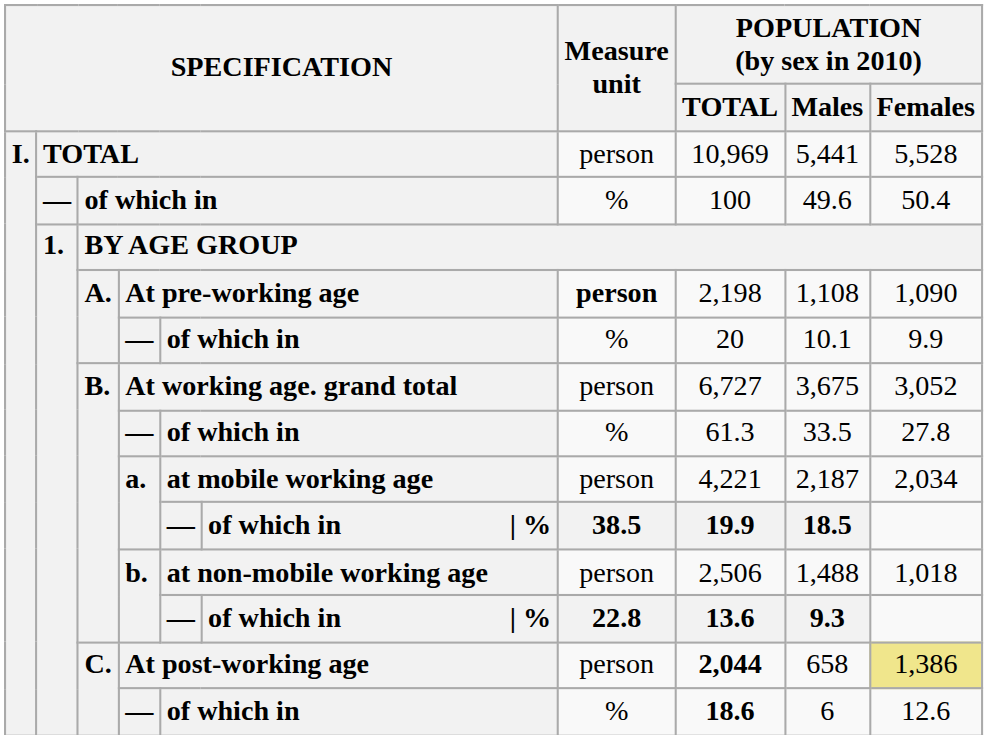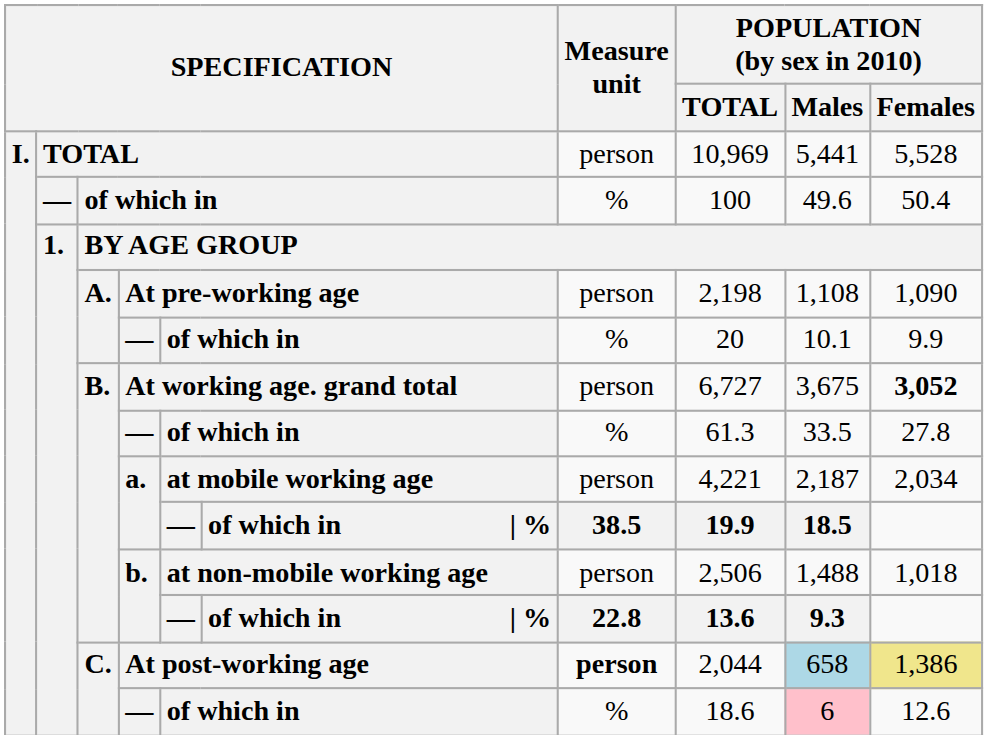 <table class="wikitable" style="font-size:85%; text-align:center">
 <tr>
 <th rowspan="2" colspan="6">SPECIFICATION</th>
 <th rowspan="2">Measure<br> unit</th>
 <th colspan="3" rowspan="1">POPULATION<br> (by sex in 2010)</th>
 </tr>
 <tr>
 <th>TOTAL</th>
 <th>Males</th>
 <th>Females</th>
 </tr>
 <tr>
 <th style="text-align:left" valign="top" rowspan="13">I.</th>
 <th style="text-align:left" colspan="5">TOTAL</th>
 <td>person</td>
 <td>10,969</td>
 <td>5,441</td>
 <td>5,528</td>
 </tr>
 <tr>
 <th style="text-align:left" valign="top">—</th>
 <th style="text-align:left" colspan="4">of which in</th>
 <td>%</td>
 <td>100</td>
 <td>49.6</td>
 <td>50.4</td>
 </tr>
 <tr>
 <th style="text-align:left" valign="top" rowspan="11">1.</th>
 <th style="text-align:left" colspan="19">BY AGE GROUP</th>
 </tr>
 <tr>
 <th style="text-align:left" valign="top" rowspan="2">A.</th>
 <th style="text-align:left" colspan="3">At pre-working age</th>
-<td><strong>person</strong></td>
+<td>person</td>
 <td>2,198</td>
 <td>1,108</td>
 <td>1,090</td>
 </tr>
 <tr>
 <th style="text-align:left" valign="top">—</th>
 <th style="text-align:left" valign="top" colspan="2">of which in</th>
 <td>%</td>
 <td>20</td>
 <td>10.1</td>
 <td>9.9</td>
 </tr>
 <tr>
 <th style="text-align:left" valign="top" rowspan="6">B.</th>
 <th style="text-align:left" colspan="3">At working age. grand total</th>
 <td>person</td>
 <td>6,727</td>
 <td>3,675</td>
-<td>3,052</td>
+<td><strong>3,052</strong></td>
 </tr>
 <tr>
 <th style="text-align:left" valign="top">—</th>
 <th style="text-align:left" valign="top" colspan="2">of which in</th>
 <td>%</td>
 <td>61.3</td>
 <td>33.5</td>
 <td>27.8</td>
 </tr>
 <tr>
 <th style="text-align:left" valign="top" rowspan="2">a.</th>
 <th style="text-align:left" colspan="2">at mobile working age</th>
 <td>person</td>
 <td>4,221</td>
 <td>2,187</td>
 <td>2,034</td>
 </tr>
 <tr>
 <th style="text-align:left" valign="top">—</th>
 <th style="text-align:left" valign="top" colspan="1">of which in                        | %</th>
 <th>38.5</th>
 <th>19.9</th>
 <th>18.5</th>
 </tr>
 <tr>
 <th style="text-align:left" valign="top" rowspan="2">b.</th>
 <th style="text-align:left" colspan="2">at non-mobile working age</th>
 <td>person</td>
 <td>2,506</td>
 <td>1,488</td>
 <td>1,018</td>
 </tr>
 <tr>
 <th style="text-align:left" valign="top">—</th>
 <th style="text-align:left" valign="top" colspan="1">of which in                        | %</th>
 <th>22.8</th>
 <th>13.6</th>
 <th>9.3</th>
 </tr>
 <tr>
 <th style="text-align:left" valign="top" rowspan="2">C.</th>
 <th style="text-align:left" colspan="3">At post-working age</th>
-<td>person</td>
-<td><strong>2,044</strong></td>
-<td>658</td>
+<td><strong>person</strong></td>
+<td>2,044</td>
+<td style="background: lightblue;">658</td>
 <td style="background: khaki;">1,386</td>
 </tr>
 <tr>
 <th style="text-align:left" valign="top">—</th>
 <th style="text-align:left" valign="top" colspan="2">of which in</th>
 <td>%</td>
-<td><strong>18.6</strong></td>
-<td>6</td>
+<td>18.6</td>
+<td style="background: pink;">6</td>
 <td>12.6</td>
 </tr>
 </table>
